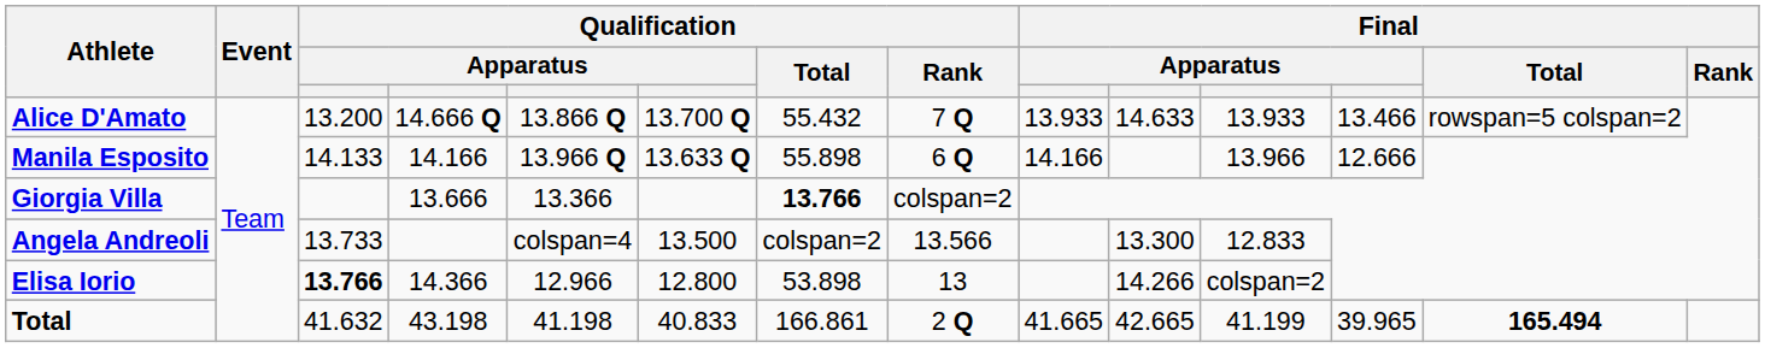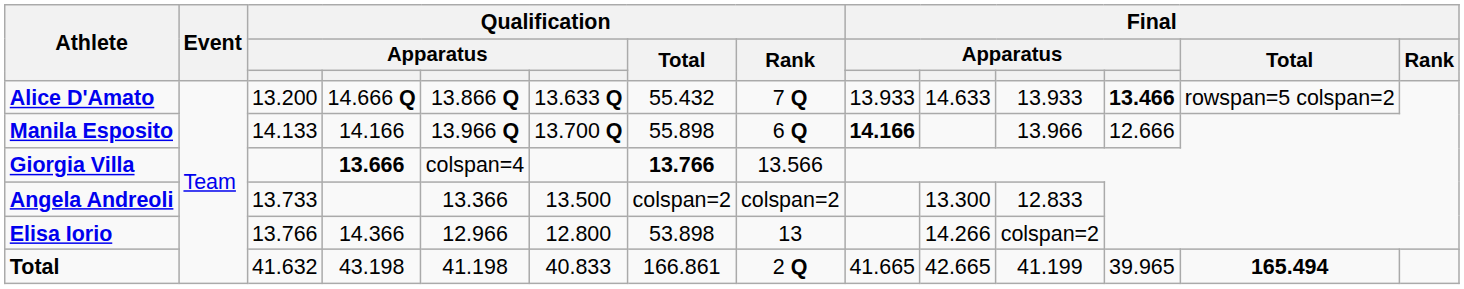 <table class=wikitable style=font-size:90%;text-align:center>
 <tr>
 <th rowspan=3>Athlete</th>
 <th rowspan=3>Event</th>
 <th colspan=6>Qualification</th>
 <th colspan=6>Final</th>
 </tr>
 <tr style=font-size:95%>
 <th colspan=4>Apparatus</th>
 <th rowspan=2>Total</th>
 <th rowspan=2>Rank</th>
 <th colspan=4>Apparatus</th>
 <th rowspan=2>Total</th>
 <th rowspan=2>Rank</th>
 </tr>
 <tr style=font-size:95%>
 <th></th>
 <th></th>
 <th></th>
 <th></th>
 <th></th>
 <th></th>
 <th></th>
 <th></th>
 </tr>
 <tr>
 <td align=left><strong><a href='#'>Alice D'Amato</a></strong></td>
 <td align=left rowspan=6><a href='#'>Team</a></td>
 <td>13.200</td>
 <td>14.666 <strong>Q</strong></td>
 <td>13.866 <strong>Q</strong></td>
-<td>13.700 <strong>Q</strong></td>
+<td>13.633 <strong>Q</strong></td>
 <td>55.432</td>
 <td>7 <strong>Q</strong></td>
 <td>13.933</td>
 <td>14.633</td>
 <td>13.933</td>
-<td>13.466</td>
+<td><strong>13.466</strong></td>
 <td>rowspan=5 colspan=2 </td>
 </tr>
 <tr>
 <td align=left><strong><a href='#'>Manila Esposito</a></strong></td>
 <td>14.133</td>
 <td>14.166</td>
 <td>13.966 <strong>Q</strong></td>
-<td>13.633 <strong>Q</strong></td>
+<td>13.700 <strong>Q</strong></td>
 <td>55.898</td>
 <td>6 <strong>Q</strong></td>
-<td>14.166</td>
+<td><strong>14.166</strong></td>
 <td></td>
 <td>13.966</td>
 <td>12.666</td>
 </tr>
 <tr>
 <td align=left><strong><a href='#'>Giorgia Villa</a></strong></td>
 <td></td>
-<td>13.666</td>
-<td>13.366</td>
+<td><strong>13.666</strong></td>
+<td>colspan=4 </td>
 <td></td>
 <td><strong>13.766</strong></td>
-<td>colspan=2 </td>
+<td>13.566</td>
 </tr>
 <tr>
 <td align=left><strong><a href='#'>Angela Andreoli</a></strong></td>
 <td>13.733</td>
 <td></td>
-<td>colspan=4 </td>
+<td>13.366</td>
 <td>13.500</td>
 <td>colspan=2 </td>
-<td>13.566</td>
+<td>colspan=2 </td>
 <td></td>
 <td>13.300</td>
 <td>12.833</td>
 </tr>
 <tr>
 <td align=left><strong><a href='#'>Elisa Iorio</a></strong></td>
-<td><strong>13.766</strong></td>
+<td>13.766</td>
 <td>14.366</td>
 <td>12.966</td>
 <td>12.800</td>
 <td>53.898</td>
 <td>13</td>
 <td></td>
 <td>14.266</td>
 <td>colspan=2 </td>
 </tr>
 <tr>
 <td align=left><strong>Total</strong></td>
 <td>41.632</td>
 <td>43.198</td>
 <td>41.198</td>
 <td>40.833</td>
 <td>166.861</td>
 <td>2 <strong>Q</strong></td>
 <td>41.665</td>
 <td>42.665</td>
 <td>41.199</td>
 <td>39.965</td>
 <td><strong>165.494</strong></td>
 <td></td>
 </tr>
 </table>
